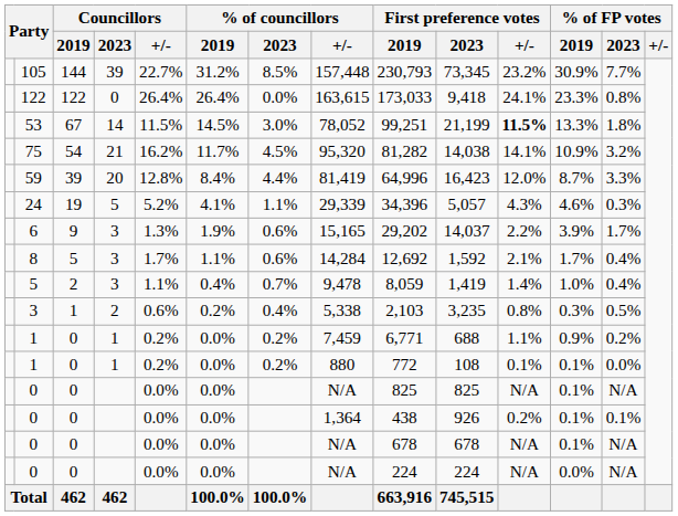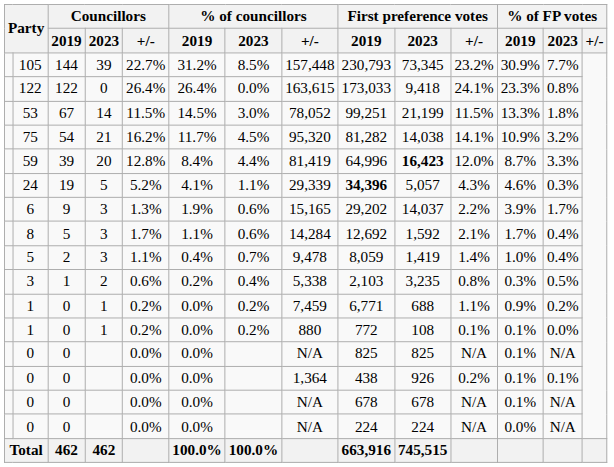 <table class="wikitable" style="text-align:center">
 <tr>
 <th colspan=2 rowspan=2>Party</th>
 <th colspan=3>Councillors</th>
 <th colspan=3>% of councillors</th>
 <th colspan=3>First preference votes</th>
 <th colspan=3>% of FP votes</th>
 </tr>
 <tr>
 <th>2019</th>
 <th>2023</th>
 <th>+/-</th>
 <th>2019</th>
 <th>2023</th>
 <th>+/-</th>
 <th>2019</th>
 <th>2023</th>
 <th>+/-</th>
 <th>2019</th>
 <th>2023</th>
 <th>+/-</th>
 </tr>
 <tr>
 <td></td>
 <td>105</td>
 <td>144</td>
 <td> 39</td>
 <td>22.7%</td>
 <td>31.2%</td>
 <td> 8.5%</td>
 <td>157,448</td>
 <td>230,793</td>
 <td> 73,345</td>
 <td>23.2%</td>
 <td>30.9%</td>
 <td> 7.7%</td>
 </tr>
 <tr>
 <td></td>
 <td>122</td>
 <td>122</td>
 <td> 0</td>
 <td>26.4%</td>
 <td>26.4%</td>
 <td> 0.0%</td>
 <td>163,615</td>
 <td>173,033</td>
 <td> 9,418</td>
 <td>24.1%</td>
 <td>23.3%</td>
 <td> 0.8%</td>
 </tr>
 <tr>
 <td></td>
 <td>53</td>
 <td>67</td>
 <td> 14</td>
 <td>11.5%</td>
 <td>14.5%</td>
 <td> 3.0%</td>
 <td>78,052</td>
 <td>99,251</td>
 <td> 21,199</td>
-<td><strong>11.5%</strong></td>
+<td>11.5%</td>
 <td>13.3%</td>
 <td> 1.8%</td>
 </tr>
 <tr>
 <td></td>
 <td>75</td>
 <td>54</td>
 <td> 21</td>
 <td>16.2%</td>
 <td>11.7%</td>
 <td> 4.5%</td>
 <td>95,320</td>
 <td>81,282</td>
 <td> 14,038</td>
 <td>14.1%</td>
 <td>10.9%</td>
 <td> 3.2%</td>
 </tr>
 <tr>
 <td></td>
 <td>59</td>
 <td>39</td>
 <td> 20</td>
 <td>12.8%</td>
 <td>8.4%</td>
 <td> 4.4%</td>
 <td>81,419</td>
 <td>64,996</td>
-<td> 16,423</td>
+<td><strong> 16,423</strong></td>
 <td>12.0%</td>
 <td>8.7%</td>
 <td> 3.3%</td>
 </tr>
 <tr>
 <td></td>
 <td>24</td>
 <td>19</td>
 <td> 5</td>
 <td>5.2%</td>
 <td>4.1%</td>
 <td> 1.1%</td>
 <td>29,339</td>
-<td>34,396</td>
+<td><strong>34,396</strong></td>
 <td> 5,057</td>
 <td>4.3%</td>
 <td>4.6%</td>
 <td> 0.3%</td>
 </tr>
 <tr>
 <td></td>
 <td>6</td>
 <td>9</td>
 <td> 3</td>
 <td>1.3%</td>
 <td>1.9%</td>
 <td> 0.6%</td>
 <td>15,165</td>
 <td>29,202</td>
 <td> 14,037</td>
 <td>2.2%</td>
 <td>3.9%</td>
 <td> 1.7%</td>
 </tr>
 <tr>
 <td></td>
 <td>8</td>
 <td>5</td>
 <td> 3</td>
 <td>1.7%</td>
 <td>1.1%</td>
 <td> 0.6%</td>
 <td>14,284</td>
 <td>12,692</td>
 <td> 1,592</td>
 <td>2.1%</td>
 <td>1.7%</td>
 <td> 0.4%</td>
 </tr>
 <tr>
 <td></td>
 <td>5</td>
 <td>2</td>
 <td> 3</td>
 <td>1.1%</td>
 <td>0.4%</td>
 <td> 0.7%</td>
 <td>9,478</td>
 <td>8,059</td>
 <td> 1,419</td>
 <td>1.4%</td>
 <td>1.0%</td>
 <td> 0.4%</td>
 </tr>
 <tr>
 <td></td>
 <td>3</td>
 <td>1</td>
 <td> 2</td>
 <td>0.6%</td>
 <td>0.2%</td>
 <td> 0.4%</td>
 <td>5,338</td>
 <td>2,103</td>
 <td> 3,235</td>
 <td>0.8%</td>
 <td>0.3%</td>
 <td> 0.5%</td>
 </tr>
 <tr>
 <td></td>
 <td>1</td>
 <td>0</td>
 <td> 1</td>
 <td>0.2%</td>
 <td>0.0%</td>
 <td> 0.2%</td>
 <td>7,459</td>
 <td>6,771</td>
 <td> 688</td>
 <td>1.1%</td>
 <td>0.9%</td>
 <td> 0.2%</td>
 </tr>
 <tr>
 <td></td>
 <td>1</td>
 <td>0</td>
 <td> 1</td>
 <td>0.2%</td>
 <td>0.0%</td>
 <td> 0.2%</td>
 <td>880</td>
 <td>772</td>
 <td> 108</td>
 <td>0.1%</td>
 <td>0.1%</td>
 <td> 0.0%</td>
 </tr>
 <tr>
 <td></td>
 <td>0</td>
 <td>0</td>
 <td></td>
 <td>0.0%</td>
 <td>0.0%</td>
 <td></td>
 <td>N/A</td>
 <td>825</td>
 <td> 825</td>
 <td>N/A</td>
 <td>0.1%</td>
 <td>N/A</td>
 </tr>
 <tr>
 <td></td>
 <td>0</td>
 <td>0</td>
 <td></td>
 <td>0.0%</td>
 <td>0.0%</td>
 <td></td>
 <td>1,364</td>
 <td>438</td>
 <td> 926</td>
 <td>0.2%</td>
 <td>0.1%</td>
 <td> 0.1%</td>
 </tr>
 <tr>
 <td></td>
 <td>0</td>
 <td>0</td>
 <td></td>
 <td>0.0%</td>
 <td>0.0%</td>
 <td></td>
 <td>N/A</td>
 <td>678</td>
 <td> 678</td>
 <td>N/A</td>
 <td>0.1%</td>
 <td>N/A</td>
 </tr>
 <tr>
 <td></td>
 <td>0</td>
 <td>0</td>
 <td></td>
 <td>0.0%</td>
 <td>0.0%</td>
 <td></td>
 <td>N/A</td>
 <td>224</td>
 <td> 224</td>
 <td>N/A</td>
 <td>0.0%</td>
 <td>N/A</td>
 </tr>
 <tr>
 <th colspan=2>Total</th>
 <th>462</th>
 <th>462</th>
 <th></th>
 <th>100.0%</th>
 <th>100.0%</th>
 <th></th>
 <th>663,916</th>
 <th>745,515</th>
 <th></th>
 <th></th>
 <th></th>
 <th></th>
 </tr>
 </table>
